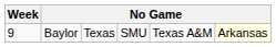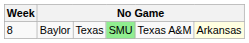 <table class="wikitable" style="font-size:95%">
 <tr>
 <th>Week</th>
 <th colspan="10">No Game</th>
 </tr>
 <tr>
-<td>9</td>
+<td>8</td>
 <td>Baylor</td>
 <td>Texas</td>
-<td>SMU</td>
+<td style="background: lightgreen;">SMU</td>
 <td>Texas A&M</td>
 <td style="background: lightyellow;">Arkansas</td>
 </tr>
 </table>
